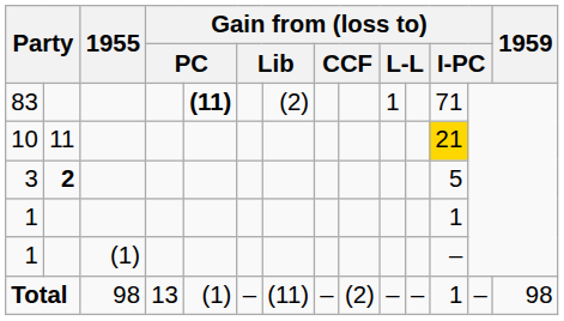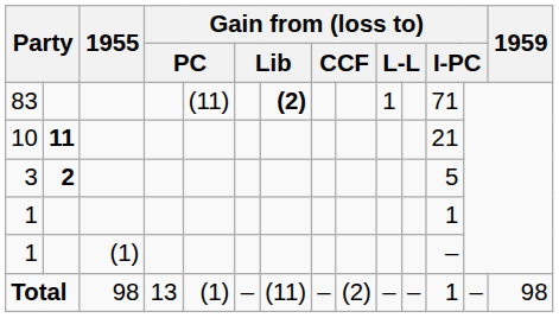 <table class="wikitable" style="text-align:right">
 <tr>
 <th rowspan="2" colspan="2">Party</th>
 <th rowspan="2" style="width:1em;">1955</th>
 <th colspan="10">Gain from (loss to)</th>
 <th rowspan="2" style="width:1em;">1959</th>
 </tr>
 <tr>
 <th colspan="2">PC</th>
 <th colspan="2">Lib</th>
 <th colspan="2">CCF</th>
 <th colspan="2">L-L</th>
 <th colspan="2">I-PC</th>
 </tr>
 <tr>
 <td>83</td>
 <td></td>
 <td></td>
 <td></td>
-<td><strong>(11)</strong></td>
+<td>(11)</td>
 <td></td>
-<td>(2)</td>
+<td><strong>(2)</strong></td>
 <td></td>
 <td></td>
 <td>1</td>
 <td></td>
 <td>71</td>
 </tr>
 <tr>
 <td>10</td>
-<td>11</td>
+<td><strong>11</strong></td>
 <td></td>
 <td></td>
 <td></td>
 <td></td>
 <td></td>
 <td></td>
 <td></td>
 <td></td>
 <td></td>
-<td style="background: gold;">21</td>
+<td>21</td>
 </tr>
 <tr>
 <td>3</td>
 <td><strong>2</strong></td>
 <td></td>
 <td></td>
 <td></td>
 <td></td>
 <td></td>
 <td></td>
 <td></td>
 <td></td>
 <td></td>
 <td>5</td>
 </tr>
 <tr>
 <td>1</td>
 <td></td>
 <td></td>
 <td></td>
 <td></td>
 <td></td>
 <td></td>
 <td></td>
 <td></td>
 <td></td>
 <td></td>
 <td>1</td>
 </tr>
 <tr>
 <td>1</td>
 <td></td>
 <td>(1)</td>
 <td></td>
 <td></td>
 <td></td>
 <td></td>
 <td></td>
 <td></td>
 <td></td>
 <td></td>
 <td>–</td>
 </tr>
 <tr>
 <td colspan="2" style="text-align:left;"><strong>Total</strong></td>
 <td>98</td>
 <td>13</td>
 <td>(1)</td>
 <td>–</td>
 <td>(11)</td>
 <td>–</td>
 <td>(2)</td>
 <td>–</td>
 <td>–</td>
 <td>1</td>
 <td>–</td>
 <td>98</td>
 </tr>
 </table>
